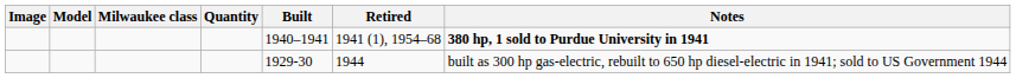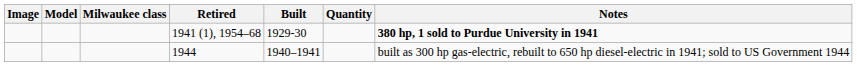 <table class="wikitable sortable">
 <tr>
 <th>Image</th>
 <th>Model</th>
 <th>Milwaukee class</th>
+<th>Retired</th>
+<th>Built</th>
 <th>Quantity</th>
-<th>Built</th>
-<th>Retired</th>
 <th>Notes</th>
 </tr>
 <tr>
 <td></td>
 <td></td>
 <td></td>
+<td>1941 (1), 1954–68</td>
+<td>1929-30</td>
 <td></td>
-<td>1940–1941</td>
-<td>1941 (1), 1954–68</td>
 <td><strong>380 hp, 1 sold to Purdue University in 1941</strong></td>
 </tr>
 <tr>
 <td></td>
 <td></td>
 <td></td>
+<td>1944</td>
+<td>1940–1941</td>
 <td></td>
-<td>1929-30</td>
-<td>1944</td>
 <td>built as 300 hp gas-electric, rebuilt to 650 hp diesel-electric in 1941; sold to US Government 1944</td>
 </tr>
 </table>
